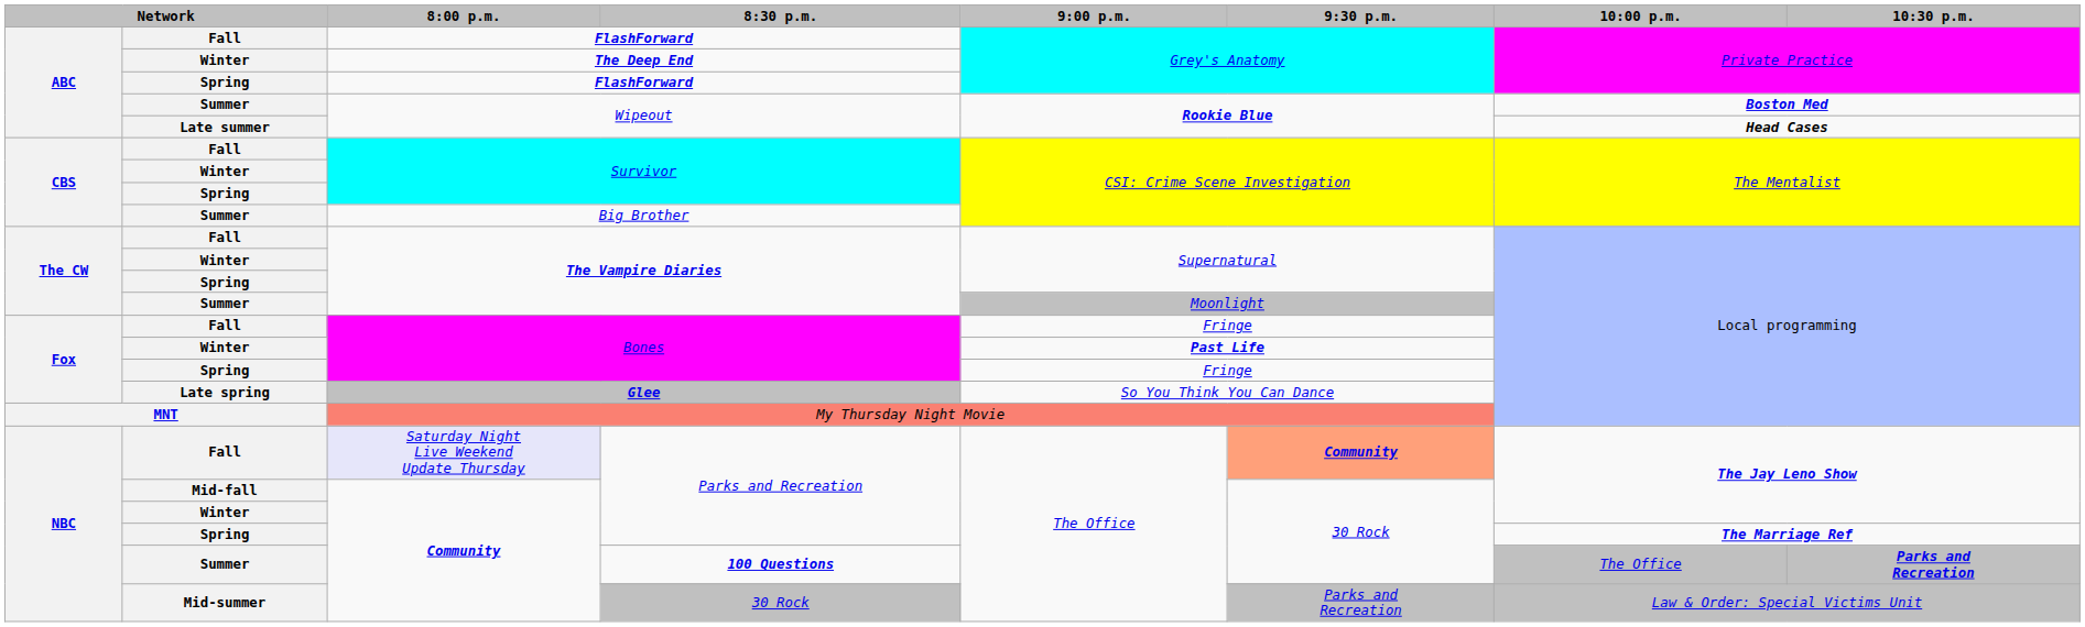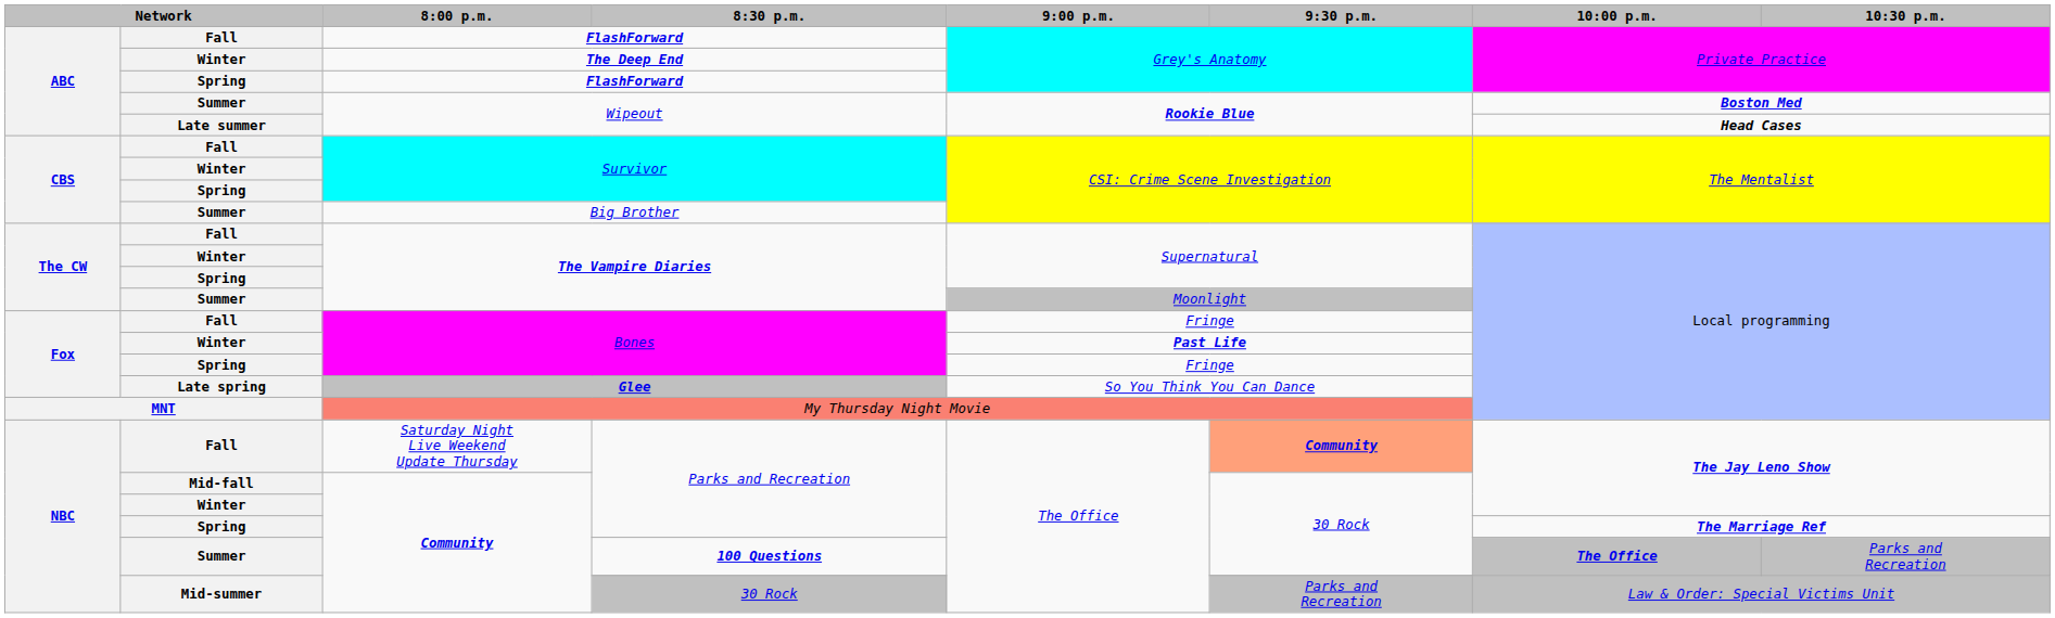 <table class="wikitable" style="width:100%;margin-right:0;text-align:center">
 <tr>
 <th colspan="2" style="background-color:#C0C0C0;text-align:center">Network</th>
 <th style="background-color:#C0C0C0;text-align:center">8:00 p.m.</th>
 <th style="background-color:#C0C0C0;text-align:center">8:30 p.m.</th>
 <th style="background-color:#C0C0C0;text-align:center">9:00 p.m.</th>
 <th style="background-color:#C0C0C0;text-align:center">9:30 p.m.</th>
 <th style="background-color:#C0C0C0;text-align:center">10:00 p.m.</th>
 <th style="background-color:#C0C0C0;text-align:center">10:30 p.m.</th>
 </tr>
 <tr>
 <th rowspan="5"><a href='#'>ABC</a></th>
 <th>Fall</th>
 <td colspan="2"><strong><em><a href='#'>FlashForward</a></em></strong></td>
 <td style="background:cyan;" colspan="2" rowspan="3"><em><a href='#'>Grey's Anatomy</a></em> </td>
 <td style="background:magenta;" colspan="2" rowspan="3"><em><a href='#'>Private Practice</a></em> </td>
 </tr>
 <tr>
 <th>Winter</th>
 <td colspan="2"><strong><em><a href='#'>The Deep End</a></em></strong></td>
 </tr>
 <tr>
 <th>Spring</th>
 <td colspan="2"><strong><em><a href='#'>FlashForward</a></em></strong></td>
 </tr>
 <tr>
 <th>Summer</th>
 <td colspan="2" rowspan="2"><em><a href='#'>Wipeout</a></em></td>
 <td colspan="2" rowspan="2"><strong><em><a href='#'>Rookie Blue</a></em></strong></td>
 <td colspan="2"><strong><em><a href='#'>Boston Med</a></em></strong></td>
 </tr>
 <tr>
 <th>Late summer</th>
 <td colspan="2"><strong><em>Head Cases</em></strong></td>
 </tr>
 <tr>
 <th rowspan="4"><a href='#'>CBS</a></th>
 <th>Fall</th>
 <td style="background:cyan;" colspan="2" rowspan="3"><em><a href='#'>Survivor</a></em> </td>
 <td style="background:yellow;" colspan="2" rowspan="4"><em><a href='#'>CSI: Crime Scene Investigation</a></em> </td>
 <td style="background:yellow;" colspan="2" rowspan="4"><em><a href='#'>The Mentalist</a></em> </td>
 </tr>
 <tr>
 <th>Winter</th>
 </tr>
 <tr>
 <th>Spring</th>
 </tr>
 <tr>
 <th>Summer</th>
 <td colspan="2"><em><a href='#'>Big Brother</a></em></td>
 </tr>
 <tr>
 <th rowspan="4"><a href='#'>The CW</a></th>
 <th>Fall</th>
 <td colspan="2" rowspan="4"><strong><em><a href='#'>The Vampire Diaries</a></em></strong></td>
 <td colspan="2" rowspan="3"><em><a href='#'>Supernatural</a></em></td>
 <td style="background:#abbfff;" colspan="2" rowspan="9">Local programming</td>
 </tr>
 <tr>
 <th>Winter</th>
 </tr>
 <tr>
 <th>Spring</th>
 </tr>
 <tr>
 <th>Summer</th>
 <td style="background:#C0C0C0;" colspan="2"><em><a href='#'>Moonlight</a></em> </td>
 </tr>
 <tr>
 <th rowspan="4"><a href='#'>Fox</a></th>
 <th>Fall</th>
 <td style="background:#FF00FF;" colspan="2" rowspan="3"><em><a href='#'>Bones</a></em> </td>
 <td colspan="2"><em><a href='#'>Fringe</a></em></td>
 </tr>
 <tr>
 <th>Winter</th>
 <td colspan="2"><strong><em><a href='#'>Past Life</a></em></strong></td>
 </tr>
 <tr>
 <th>Spring</th>
 <td colspan="2"><em><a href='#'>Fringe</a></em></td>
 </tr>
 <tr>
 <th>Late spring</th>
 <td style="background:#C0C0C0;" colspan="2"><strong><em><a href='#'>Glee</a></em></strong> </td>
 <td colspan="2"><em><a href='#'>So You Think You Can Dance</a></em></td>
 </tr>
 <tr>
 <th colspan="2"><a href='#'>MNT</a></th>
 <td colspan="4" style="background:#FA8072;"><em>My Thursday Night Movie</em></td>
 </tr>
 <tr>
 <th rowspan="6"><a href='#'>NBC</a></th>
 <th>Fall</th>
-<td style="background: lavender;"><em><a href='#'>Saturday Night<br>Live Weekend<br>Update Thursday</a></em></td>
+<td><em><a href='#'>Saturday Night<br>Live Weekend<br>Update Thursday</a></em></td>
 <td rowspan="4"><em><a href='#'>Parks and Recreation</a></em></td>
 <td rowspan="6"><em><a href='#'>The Office</a></em></td>
 <td style="background: lightsalmon;"><strong><em><a href='#'>Community</a></em></strong></td>
 <td colspan="2" rowspan="3"><strong><em><a href='#'>The Jay Leno Show</a></em></strong></td>
 </tr>
 <tr>
 <th>Mid-fall</th>
 <td rowspan="5"><strong><em><a href='#'>Community</a></em></strong></td>
 <td rowspan="4"><em><a href='#'>30 Rock</a></em></td>
 </tr>
 <tr>
 <th>Winter</th>
 </tr>
 <tr>
 <th>Spring</th>
 <td colspan="2"><strong><em><a href='#'>The Marriage Ref</a></em></strong></td>
 </tr>
 <tr>
 <th>Summer</th>
 <td><strong><em><a href='#'>100 Questions</a></em></strong></td>
-<td style="background:#C0C0C0;"><em><a href='#'>The Office</a></em> </td>
-<td style="background:#C0C0C0;"><strong><em><a href='#'>Parks and<br>Recreation</a></em> </strong></td>
+<td style="background:#C0C0C0;"><strong><em><a href='#'>The Office</a></em> </strong></td>
+<td style="background:#C0C0C0;"><em><a href='#'>Parks and<br>Recreation</a></em> </td>
 </tr>
 <tr>
 <th>Mid-summer</th>
 <td style="background:#C0C0C0;"><em><a href='#'>30 Rock</a></em> </td>
 <td style="background:#C0C0C0;"><em><a href='#'>Parks and<br>Recreation</a></em> </td>
 <td colspan="2" style="background:#C0C0C0;"><em><a href='#'>Law & Order: Special Victims Unit</a></em> </td>
 </tr>
 </table>
